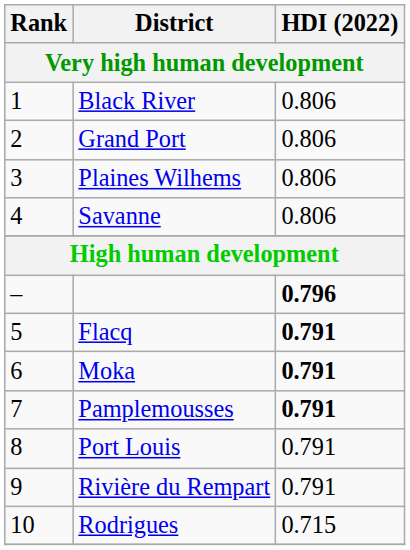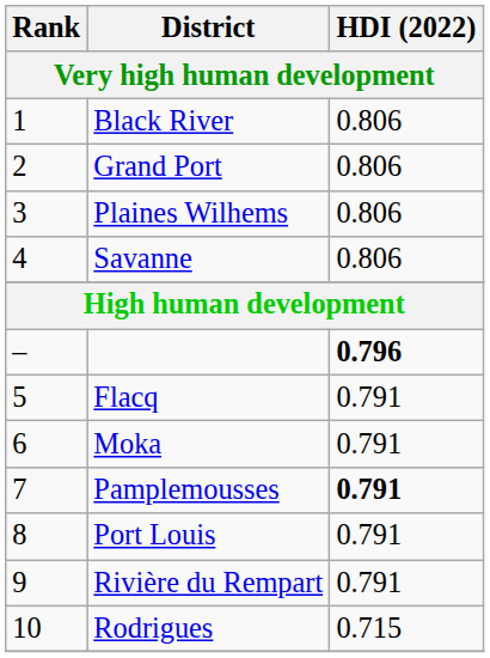 <table class="wikitable sortable">
 <tr>
 <th>Rank</th>
 <th>District</th>
 <th>HDI (2022)</th>
 </tr>
 <tr>
 <th colspan="3" style="color:#090;">Very high human development</th>
 </tr>
 <tr>
 <td>1</td>
 <td><a href='#'>Black River</a></td>
 <td>0.806</td>
 </tr>
 <tr>
 <td>2</td>
 <td><a href='#'>Grand Port</a></td>
 <td>0.806</td>
 </tr>
 <tr>
 <td>3</td>
 <td><a href='#'>Plaines Wilhems</a></td>
 <td>0.806</td>
 </tr>
 <tr>
 <td>4</td>
 <td><a href='#'>Savanne</a></td>
 <td>0.806</td>
 </tr>
 <tr>
 </tr>
 <tr>
 <th colspan="3" style="color:#0c0;">High human development</th>
 </tr>
 <tr>
 <td>–</td>
 <td style="text-align:left"><strong></strong></td>
 <td><strong>0.796</strong></td>
 </tr>
 <tr>
 <td>5</td>
 <td><a href='#'>Flacq</a></td>
-<td><strong>0.791</strong></td>
+<td>0.791</td>
 </tr>
 <tr>
 <td>6</td>
 <td><a href='#'>Moka</a></td>
-<td><strong>0.791</strong></td>
+<td>0.791</td>
 </tr>
 <tr>
 <td>7</td>
 <td><a href='#'>Pamplemousses</a></td>
 <td><strong>0.791</strong></td>
 </tr>
 <tr>
 <td>8</td>
 <td><a href='#'>Port Louis</a></td>
 <td>0.791</td>
 </tr>
 <tr>
 <td>9</td>
 <td><a href='#'>Rivière du Rempart</a></td>
 <td>0.791</td>
 </tr>
 <tr>
 <td>10</td>
 <td><a href='#'>Rodrigues</a></td>
 <td>0.715</td>
 </tr>
 <tr>
 </tr>
 </table>
